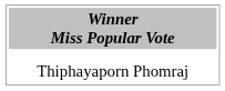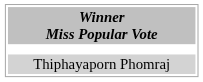 <table style="border-spacing: 2px; border: 1px solid darkgray; font-size: 90%; float:right;">
 <tr>
 <td width=180px align=center colspan=5 bgcolor=#C0C0C0><strong><em>Winner<br>Miss Popular Vote</em></strong></td>
 </tr>
 <tr>
 <td align=center></td>
 </tr>
 <tr>
 <td align=center><strong></strong></td>
 </tr>
 <tr>
-<td align=center>Thiphayaporn Phomraj</td>
+<td align=center style="background: lightgrey;">Thiphayaporn Phomraj</td>
 </tr>
 </table>
